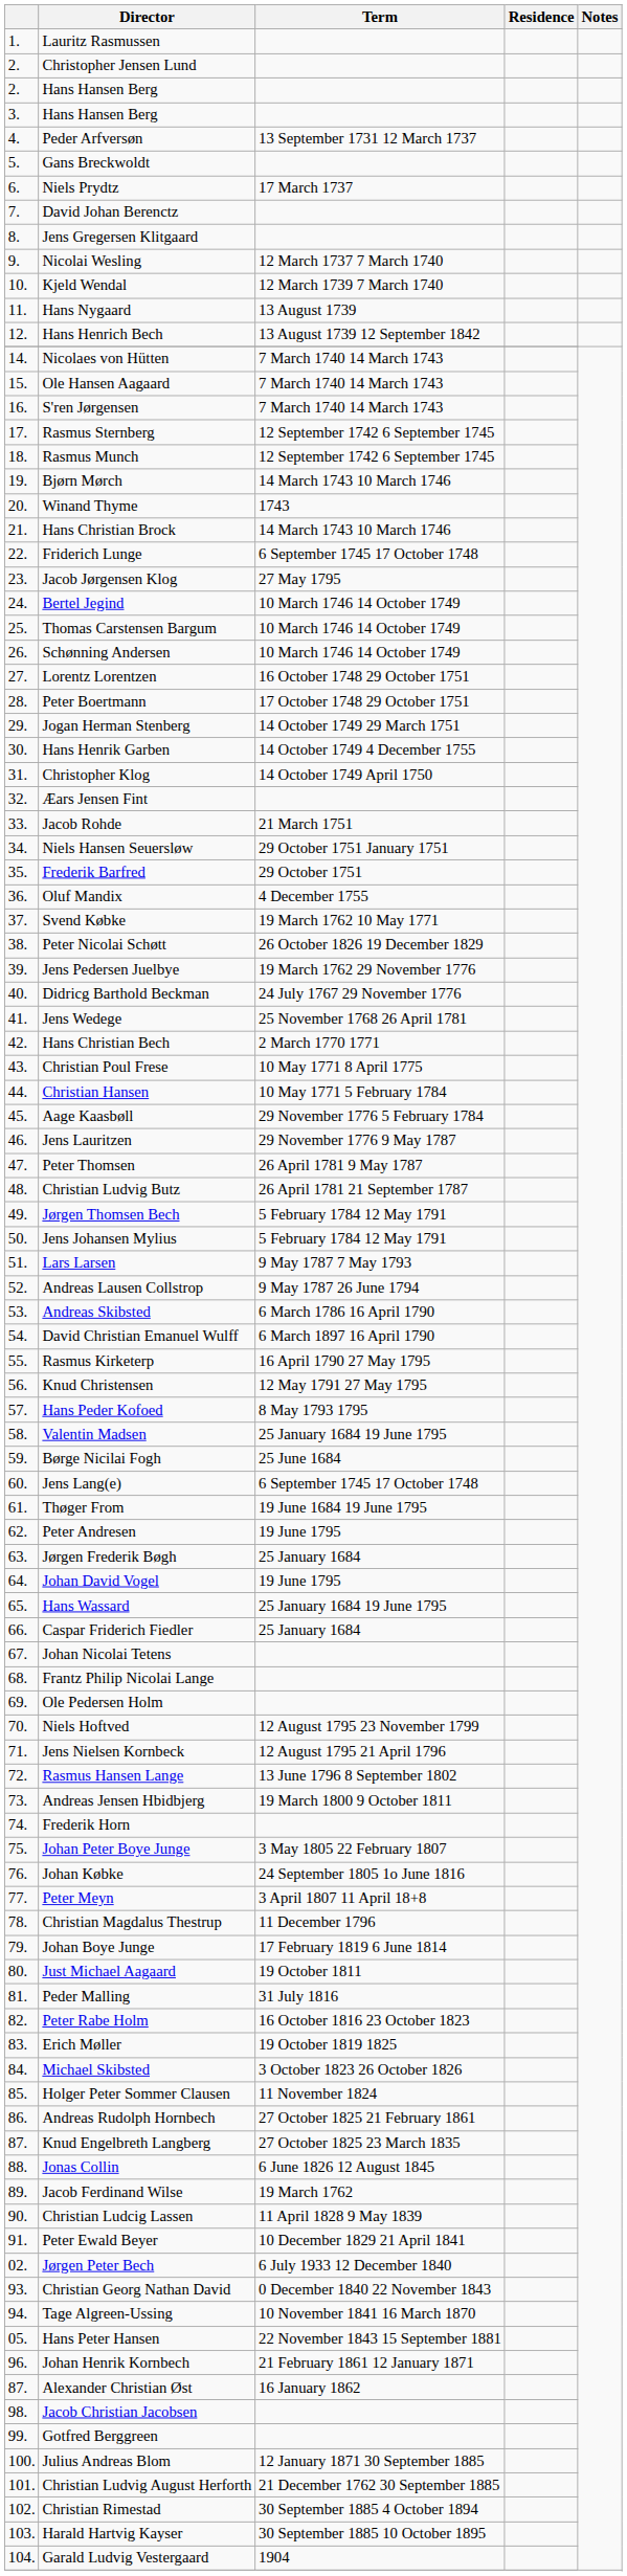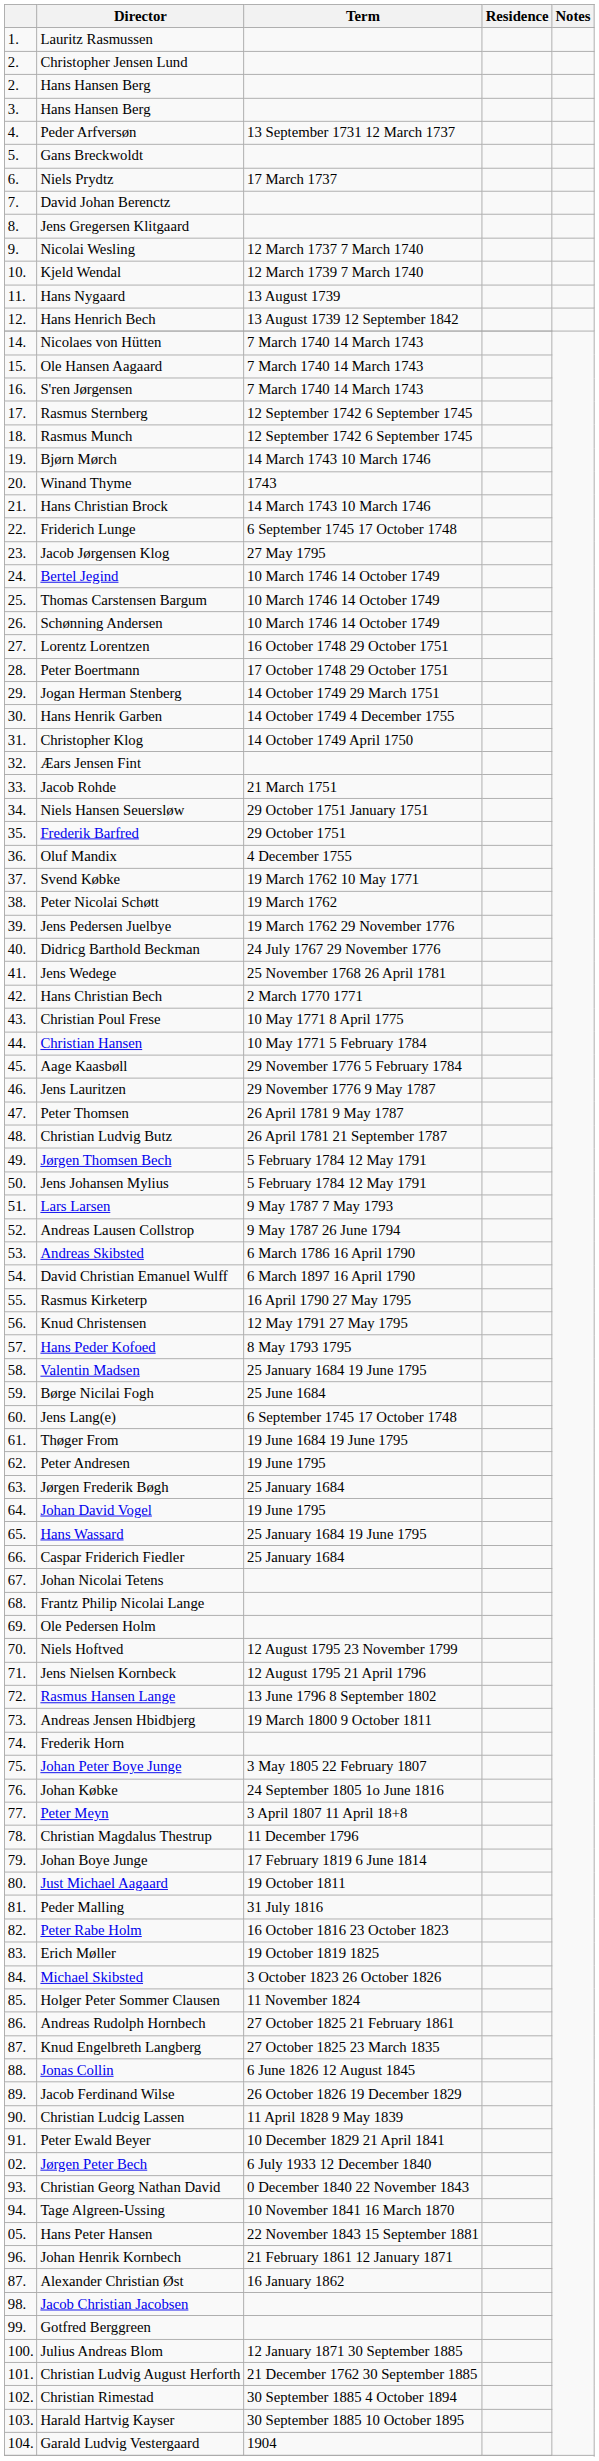 <table class="wikitable">
 <tr style="background:#CCCCCC">
 <th></th>
 <th>Director</th>
 <th>Term</th>
 <th>Residence</th>
 <th>Notes</th>
 </tr>
 <tr>
 <td>1.</td>
 <td>Lauritz Rasmussen</td>
 <td></td>
 <td></td>
 <td></td>
 </tr>
 <tr>
 <td>2.</td>
 <td>Christopher Jensen Lund</td>
 <td></td>
 <td></td>
 <td></td>
 </tr>
 <tr>
 <td>2.</td>
 <td>Hans Hansen Berg</td>
 <td></td>
 <td></td>
 <td></td>
 </tr>
 <tr>
 <td>3.</td>
 <td>Hans Hansen Berg</td>
 <td></td>
 <td></td>
 <td></td>
 </tr>
 <tr>
 <td>4.</td>
 <td>Peder Arfversøn</td>
 <td>13 September 1731  12 March 1737</td>
 <td></td>
 <td></td>
 </tr>
 <tr>
 <td>5.</td>
 <td>Gans Breckwoldt</td>
 <td></td>
 <td></td>
 <td></td>
 </tr>
 <tr>
 <td>6.</td>
 <td>Niels Prydtz</td>
 <td>17 March 1737 </td>
 <td></td>
 <td></td>
 </tr>
 <tr>
 <td>7.</td>
 <td>David Johan Berenctz</td>
 <td></td>
 <td></td>
 <td></td>
 </tr>
 <tr>
 <td>8.</td>
 <td>Jens Gregersen Klitgaard</td>
 <td></td>
 <td></td>
 <td></td>
 </tr>
 <tr>
 <td>9.</td>
 <td>Nicolai Wesling</td>
 <td>12 March 1737  7 March 1740</td>
 <td></td>
 <td></td>
 </tr>
 <tr>
 <td>10.</td>
 <td>Kjeld Wendal</td>
 <td>12 March 1739  7 March 1740</td>
 <td></td>
 <td></td>
 </tr>
 <tr>
 <td>11.</td>
 <td>Hans Nygaard</td>
 <td> 13 August 1739</td>
 <td></td>
 <td></td>
 </tr>
 <tr>
 <td>12.</td>
 <td>Hans Henrich Bech</td>
 <td>13 August 1739  12 September 1842</td>
 <td></td>
 <td></td>
 </tr>
 <tr | 13. || Knud Kier ||  ||  ||>
 </tr>
 <tr>
 <td>14.</td>
 <td>Nicolaes von Hütten</td>
 <td>7 March 1740  14 March 1743</td>
 <td></td>
 </tr>
 <tr>
 <td>15.</td>
 <td>Ole Hansen Aagaard</td>
 <td>7 March 1740  14 March 1743</td>
 <td></td>
 </tr>
 <tr>
 <td>16.</td>
 <td>S'ren Jørgensen</td>
 <td>7 March 1740  14 March 1743</td>
 <td></td>
 </tr>
 <tr>
 <td>17.</td>
 <td>Rasmus Sternberg</td>
 <td>12 September 1742  6 September 1745</td>
 <td></td>
 </tr>
 <tr>
 <td>18.</td>
 <td>Rasmus Munch</td>
 <td>12 September 1742  6 September 1745</td>
 <td></td>
 </tr>
 <tr>
 <td>19.</td>
 <td>Bjørn Mørch</td>
 <td>14 March 1743  10 March 1746</td>
 <td></td>
 </tr>
 <tr>
 <td>20.</td>
 <td>Winand Thyme</td>
 <td>1743 </td>
 <td></td>
 </tr>
 <tr>
 <td>21.</td>
 <td>Hans Christian Brock</td>
 <td>14 March 1743  10 March 1746</td>
 <td></td>
 </tr>
 <tr>
 <td>22.</td>
 <td>Friderich Lunge</td>
 <td>6 September 1745  17 October 1748</td>
 <td></td>
 </tr>
 <tr>
 <td>23.</td>
 <td>Jacob Jørgensen Klog</td>
 <td>27 May 1795 </td>
 <td></td>
 </tr>
 <tr>
 <td>24.</td>
 <td><a href='#'>Bertel Jegind</a></td>
 <td>10 March 1746  14 October 1749</td>
 <td></td>
 </tr>
 <tr>
 <td>25.</td>
 <td>Thomas Carstensen Bargum</td>
 <td>10 March 1746  14 October 1749</td>
 <td></td>
 </tr>
 <tr |->
 <td>26.</td>
 <td>Schønning Andersen</td>
 <td>10 March 1746  14 October 1749</td>
 <td></td>
 </tr>
 <tr>
 <td>27.</td>
 <td>Lorentz Lorentzen</td>
 <td>16 October 1748  29 October 1751</td>
 <td></td>
 </tr>
 <tr |->
 <td>28.</td>
 <td>Peter Boertmann</td>
 <td>17 October 1748  29 October 1751</td>
 <td></td>
 </tr>
 <tr>
 <td>29.</td>
 <td>Jogan Herman Stenberg</td>
 <td>14 October 1749  29 March 1751</td>
 <td></td>
 </tr>
 <tr>
 <td>30.</td>
 <td>Hans Henrik Garben</td>
 <td>14 October 1749  4 December 1755</td>
 <td></td>
 </tr>
 <tr>
 <td>31.</td>
 <td>Christopher Klog</td>
 <td>14 October 1749  April 1750</td>
 <td></td>
 </tr>
 <tr>
 <td>32.</td>
 <td>Æars Jensen Fint</td>
 <td></td>
 <td></td>
 </tr>
 <tr>
 <td>33.</td>
 <td>Jacob Rohde</td>
 <td>21 March 1751 </td>
 <td></td>
 </tr>
 <tr>
 <td>34.</td>
 <td>Niels Hansen Seuersløw</td>
 <td>29 October 1751  January 1751</td>
 <td></td>
 </tr>
 <tr>
 <td>35.</td>
 <td><a href='#'>Frederik Barfred</a></td>
 <td>29 October 1751 </td>
 <td></td>
 </tr>
 <tr>
 <td>36.</td>
 <td>Oluf Mandix</td>
 <td>4 December 1755 </td>
 <td></td>
 </tr>
 <tr>
 <td>37.</td>
 <td>Svend Købke</td>
 <td>19 March 1762  10 May 1771</td>
 <td></td>
 </tr>
 <tr>
 <td>38.</td>
 <td>Peter Nicolai Schøtt</td>
-<td>26 October 1826  19 December 1829</td>
+<td>19 March 1762 </td>
 <td></td>
 </tr>
 <tr>
 <td>39.</td>
 <td>Jens Pedersen Juelbye</td>
 <td>19 March 1762  29 November 1776</td>
 <td></td>
 </tr>
 <tr>
 <td>40.</td>
 <td>Didricg Barthold Beckman</td>
 <td>24 July 1767  29 November 1776</td>
 <td></td>
 </tr>
 <tr>
 <td>41.</td>
 <td>Jens Wedege</td>
 <td>25 November 1768  26 April 1781</td>
 <td></td>
 </tr>
 <tr>
 <td>42.</td>
 <td>Hans Christian Bech</td>
 <td>2 March 1770   1771</td>
 <td></td>
 </tr>
 <tr>
 <td>43.</td>
 <td>Christian Poul Frese</td>
 <td>10 May 1771  8 April 1775</td>
 <td></td>
 </tr>
 <tr>
 <td>44.</td>
 <td><a href='#'>Christian Hansen</a></td>
 <td>10 May 1771  5 February 1784</td>
 <td></td>
 </tr>
 <tr>
 <td>45.</td>
 <td>Aage Kaasbøll</td>
 <td>29 November 1776  5 February 1784</td>
 <td></td>
 </tr>
 <tr>
 <td>46.</td>
 <td>Jens Lauritzen</td>
 <td>29 November 1776  9 May 1787</td>
 <td></td>
 </tr>
 <tr>
 <td>47.</td>
 <td>Peter Thomsen</td>
 <td>26 April 1781  9 May 1787</td>
 <td></td>
 </tr>
 <tr>
 <td>48.</td>
 <td>Christian Ludvig Butz</td>
 <td>26 April 1781  21 September 1787</td>
 <td></td>
 </tr>
 <tr>
 <td>49.</td>
 <td><a href='#'>Jørgen Thomsen Bech</a></td>
 <td>5 February 1784  12 May 1791</td>
 <td></td>
 </tr>
 <tr>
 <td>50.</td>
 <td>Jens Johansen Mylius</td>
 <td>5 February 1784  12 May 1791</td>
 <td></td>
 </tr>
 <tr>
 <td>51.</td>
 <td><a href='#'>Lars Larsen</a></td>
 <td>9 May 1787  7 May 1793</td>
 <td></td>
 </tr>
 <tr>
 <td>52.</td>
 <td>Andreas Lausen Collstrop</td>
 <td>9 May 1787  26 June 1794</td>
 <td></td>
 </tr>
 <tr>
 <td>53.</td>
 <td><a href='#'>Andreas Skibsted</a></td>
 <td>6 March 1786  16 April 1790</td>
 <td></td>
 </tr>
 <tr>
 <td>54.</td>
 <td>David Christian Emanuel Wulff</td>
 <td>6 March 1897  16 April 1790</td>
 <td></td>
 </tr>
 <tr>
 <td>55.</td>
 <td>Rasmus Kirketerp</td>
 <td>16 April 1790  27 May 1795</td>
 <td></td>
 </tr>
 <tr>
 <td>56.</td>
 <td>Knud Christensen</td>
 <td>12 May 1791  27 May 1795</td>
 <td></td>
 </tr>
 <tr>
 <td>57.</td>
 <td><a href='#'>Hans Peder Kofoed</a></td>
 <td>8 May 1793  1795</td>
 <td></td>
 </tr>
 <tr>
 <td>58.</td>
 <td><a href='#'>Valentin Madsen</a></td>
 <td>25 January 1684  19 June 1795</td>
 <td></td>
 </tr>
 <tr>
 <td>59.</td>
 <td>Børge Nicilai Fogh</td>
 <td>25 June 1684 </td>
 <td></td>
 </tr>
 <tr>
 <td>60.</td>
 <td>Jens Lang(e)</td>
 <td>6 September 1745  17 October 1748</td>
 <td></td>
 </tr>
 <tr>
 <td>61.</td>
 <td>Thøger From</td>
 <td>19 June 1684  19 June 1795</td>
 <td></td>
 </tr>
 <tr>
 <td>62.</td>
 <td>Peter Andresen</td>
 <td>19 June 1795 </td>
 <td></td>
 </tr>
 <tr>
 <td>63.</td>
 <td>Jørgen Frederik Bøgh</td>
 <td>25 January 1684 </td>
 <td></td>
 </tr>
 <tr>
 <td>64.</td>
 <td><a href='#'>Johan David Vogel</a></td>
 <td>19 June 1795 </td>
 <td></td>
 </tr>
 <tr>
 <td>65.</td>
 <td><a href='#'>Hans Wassard</a></td>
 <td>25 January 1684  19 June 1795</td>
 <td></td>
 </tr>
 <tr>
 <td>66.</td>
 <td>Caspar Friderich Fiedler</td>
 <td>25 January 1684 </td>
 <td></td>
 </tr>
 <tr>
 <td>67.</td>
 <td>Johan Nicolai Tetens</td>
 <td></td>
 <td></td>
 </tr>
 <tr>
 <td>68.</td>
 <td>Frantz Philip Nicolai Lange</td>
 <td></td>
 <td></td>
 </tr>
 <tr>
 <td>69.</td>
 <td>Ole Pedersen Holm</td>
 <td></td>
 <td></td>
 </tr>
 <tr>
 <td>70.</td>
 <td>Niels Hoftved</td>
 <td>12 August 1795 23 November 1799</td>
 <td></td>
 </tr>
 <tr>
 <td>71.</td>
 <td>Jens Nielsen Kornbeck</td>
 <td>12 August 1795  21 April 1796</td>
 <td></td>
 </tr>
 <tr>
 <td>72.</td>
 <td><a href='#'>Rasmus Hansen Lange</a></td>
 <td>13 June 1796  8 September 1802</td>
 <td></td>
 </tr>
 <tr>
 <td>73.</td>
 <td>Andreas Jensen Hbidbjerg</td>
 <td>19 March 1800  9 October 1811</td>
 <td></td>
 </tr>
 <tr>
 <td>74.</td>
 <td>Frederik Horn</td>
 <td></td>
 <td></td>
 </tr>
 <tr>
 <td>75.</td>
 <td><a href='#'>Johan Peter Boye Junge</a></td>
 <td>3 May 1805  22 February 1807</td>
 <td></td>
 </tr>
 <tr>
 <td>76.</td>
 <td>Johan Købke</td>
 <td>24 September 1805  1o June 1816</td>
 <td></td>
 </tr>
 <tr>
 <td>77.</td>
 <td><a href='#'>Peter Meyn</a></td>
 <td>3 April 1807  11 April 18+8</td>
 <td></td>
 </tr>
 <tr>
 <td>78.</td>
 <td>Christian Magdalus Thestrup</td>
 <td>11 December 1796 </td>
 <td></td>
 </tr>
 <tr>
 <td>79.</td>
 <td>Johan Boye Junge</td>
 <td>17 February 1819   6 June 1814</td>
 <td></td>
 </tr>
 <tr>
 <td>80.</td>
 <td><a href='#'>Just Michael Aagaard</a></td>
 <td>19 October 1811 </td>
 <td></td>
 </tr>
 <tr>
 <td>81.</td>
 <td>Peder Malling</td>
 <td>31 July 1816 </td>
 <td></td>
 </tr>
 <tr>
 <td>82.</td>
 <td><a href='#'>Peter Rabe Holm</a></td>
 <td>16 October 1816  23 October 1823</td>
 <td></td>
 </tr>
 <tr>
 <td>83.</td>
 <td>Erich Møller</td>
 <td>19 October 1819  1825</td>
 <td></td>
 </tr>
 <tr>
 <td>84.</td>
 <td><a href='#'>Michael Skibsted</a></td>
 <td>3 October 1823  26 October 1826</td>
 <td></td>
 </tr>
 <tr>
 <td>85.</td>
 <td>Holger Peter Sommer Clausen</td>
 <td>11 November 1824 </td>
 <td></td>
 </tr>
 <tr>
 <td>86.</td>
 <td>Andreas Rudolph Hornbech</td>
 <td>27 October 1825  21 February 1861</td>
 <td></td>
 </tr>
 <tr>
 <td>87.</td>
 <td>Knud Engelbreth Langberg</td>
 <td>27 October 1825  23 March 1835</td>
 <td></td>
 </tr>
 <tr>
 <td>88.</td>
 <td><a href='#'>Jonas Collin</a></td>
 <td>6 June 1826  12 August 1845</td>
 <td></td>
 </tr>
 <tr>
 <td>89.</td>
 <td>Jacob Ferdinand Wilse</td>
-<td>19 March 1762 </td>
+<td>26 October 1826  19 December 1829</td>
 <td></td>
 </tr>
 <tr>
 <td>90.</td>
 <td>Christian Ludcig Lassen</td>
 <td>11 April 1828  9 May 1839</td>
 <td></td>
 </tr>
 <tr>
 <td>91.</td>
 <td>Peter Ewald Beyer</td>
 <td>10 December 1829  21 April 1841</td>
 <td></td>
 </tr>
 <tr>
 <td>02.</td>
 <td><a href='#'>Jørgen Peter Bech</a></td>
 <td>6 July 1933  12 December 1840</td>
 <td></td>
 </tr>
 <tr>
 <td>93.</td>
 <td>Christian Georg Nathan David</td>
 <td>0 December 1840  22 November 1843</td>
 <td></td>
 </tr>
 <tr>
 <td>94.</td>
 <td>Tage Algreen-Ussing</td>
 <td>10 November 1841  16 March 1870</td>
 <td></td>
 </tr>
 <tr>
 <td>05.</td>
 <td>Hans Peter Hansen</td>
 <td>22 November 1843  15 September 1881</td>
 <td></td>
 </tr>
 <tr>
 <td>96.</td>
 <td>Johan Henrik Kornbech</td>
 <td>21 February 1861  12 January 1871</td>
 <td></td>
 </tr>
 <tr>
 <td>87.</td>
 <td>Alexander Christian Øst</td>
 <td>16 January 1862 </td>
 <td></td>
 </tr>
 <tr>
 <td>98.</td>
 <td><a href='#'>Jacob Christian Jacobsen</a></td>
 <td></td>
 <td></td>
 </tr>
 <tr>
 <td>99.</td>
 <td>Gotfred Berggreen</td>
 <td></td>
 <td></td>
 </tr>
 <tr>
 <td>100.</td>
 <td>Julius Andreas Blom</td>
 <td>12 January 1871  30 September 1885</td>
 <td></td>
 </tr>
 <tr>
 <td>101.</td>
 <td>Christian Ludvig August Herforth</td>
 <td>21 December 1762  30 September 1885</td>
 <td></td>
 </tr>
 <tr>
 <td>102.</td>
 <td>Christian Rimestad</td>
 <td>30 September 1885  4 October 1894</td>
 <td></td>
 </tr>
 <tr>
 <td>103.</td>
 <td>Harald Hartvig Kayser</td>
 <td>30 September 1885  10 October 1895</td>
 <td></td>
 </tr>
 <tr>
 <td>104.</td>
 <td>Garald Ludvig Vestergaard</td>
 <td>1904 </td>
 <td></td>
 </tr>
 <tr>
 </tr>
 </table>
